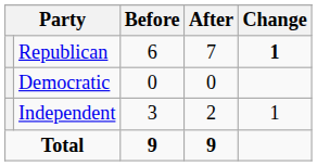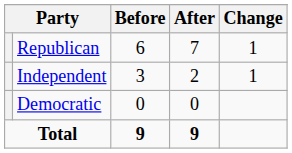 <table class="wikitable" style="text-align:center;">
 <tr>
 </tr>
 <tr>
 <th colspan=2>Party</th>
 <th>Before</th>
 <th>After</th>
 <th>Change</th>
 </tr>
 <tr>
 <th style="background-color:"></th>
 <td style="text-align:left;"><a href='#'>Republican</a></td>
 <td>6</td>
 <td>7</td>
-<td><strong> 1</strong></td>
+<td> 1</td>
+</tr>
+<tr>
+<th style="background-color:"></th>
+<td style="text-align:left;"><a href='#'>Independent</a></td>
+<td>3</td>
+<td>2</td>
+<td> 1</td>
 </tr>
 <tr>
 <th style="background-color:"></th>
 <td style="text-align:left;"><a href='#'>Democratic</a></td>
 <td>0</td>
 <td>0</td>
 <td></td>
 </tr>
 <tr>
-<th style="background-color:"></th>
-<td style="text-align:left;"><a href='#'>Independent</a></td>
-<td>3</td>
-<td>2</td>
-<td> 1</td>
-</tr>
-<tr>
 <td colspan=2><strong>Total</strong></td>
 <td><strong>9</strong></td>
 <td><strong>9</strong></td>
 <td></td>
 </tr>
 </table>
